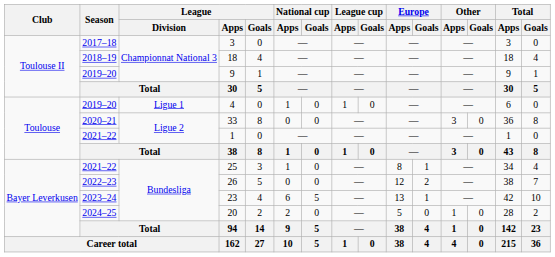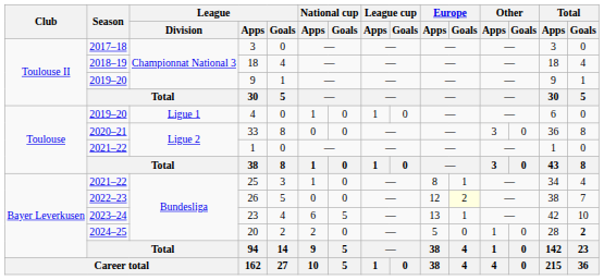 <table class="wikitable" style="text-align: center">
 <tr>
 <th rowspan="2">Club</th>
 <th rowspan="2">Season</th>
 <th colspan="3">League</th>
 <th colspan="2">National cup</th>
 <th colspan="2">League cup</th>
 <th colspan="2"><a href='#'>Europe</a></th>
 <th colspan="2">Other</th>
 <th colspan="2">Total</th>
 </tr>
 <tr>
 <th>Division</th>
 <th>Apps</th>
 <th>Goals</th>
 <th>Apps</th>
 <th>Goals</th>
 <th>Apps</th>
 <th>Goals</th>
 <th>Apps</th>
 <th>Goals</th>
 <th>Apps</th>
 <th>Goals</th>
 <th>Apps</th>
 <th>Goals</th>
 </tr>
 <tr>
 <td rowspan="4"><a href='#'>Toulouse II</a></td>
 <td><a href='#'>2017–18</a></td>
 <td rowspan="3"><a href='#'>Championnat National 3</a></td>
 <td>3</td>
 <td>0</td>
 <td colspan="2">—</td>
 <td colspan="2">—</td>
 <td colspan="2">—</td>
 <td colspan="2">—</td>
 <td>3</td>
 <td>0</td>
 </tr>
 <tr>
 <td><a href='#'>2018–19</a></td>
 <td>18</td>
 <td>4</td>
 <td colspan="2">—</td>
 <td colspan="2">—</td>
 <td colspan="2">—</td>
 <td colspan="2">—</td>
 <td>18</td>
 <td>4</td>
 </tr>
 <tr>
 <td><a href='#'>2019–20</a></td>
 <td>9</td>
 <td>1</td>
 <td colspan="2">—</td>
 <td colspan="2">—</td>
 <td colspan="2">—</td>
 <td colspan="2">—</td>
 <td>9</td>
 <td>1</td>
 </tr>
 <tr>
 <th colspan="2">Total</th>
 <th>30</th>
 <th>5</th>
 <th colspan="2">—</th>
 <th colspan="2">—</th>
 <th colspan="2">—</th>
 <th colspan="2">—</th>
 <th>30</th>
 <th>5</th>
 </tr>
 <tr>
 <td rowspan="4"><a href='#'>Toulouse</a></td>
 <td><a href='#'>2019–20</a></td>
 <td><a href='#'>Ligue 1</a></td>
 <td>4</td>
 <td>0</td>
 <td>1</td>
 <td>0</td>
 <td>1</td>
 <td>0</td>
 <td colspan="2">—</td>
 <td colspan="2">—</td>
 <td>6</td>
 <td>0</td>
 </tr>
 <tr>
 <td><a href='#'>2020–21</a></td>
 <td rowspan="2"><a href='#'>Ligue 2</a></td>
 <td>33</td>
 <td>8</td>
 <td>0</td>
 <td>0</td>
 <td colspan="2">—</td>
 <td colspan="2">—</td>
 <td>3</td>
 <td>0</td>
 <td>36</td>
 <td>8</td>
 </tr>
 <tr>
 <td><a href='#'>2021–22</a></td>
 <td>1</td>
 <td>0</td>
 <td colspan="2">—</td>
 <td colspan="2">—</td>
 <td colspan="2">—</td>
 <td colspan="2">—</td>
 <td>1</td>
 <td>0</td>
 </tr>
 <tr>
 <th colspan="2">Total</th>
 <th>38</th>
 <th>8</th>
 <th>1</th>
 <th>0</th>
 <th>1</th>
 <th>0</th>
 <th colspan="2">—</th>
 <th>3</th>
 <th>0</th>
 <th>43</th>
 <th>8</th>
 </tr>
 <tr>
 <td rowspan="5"><a href='#'>Bayer Leverkusen</a></td>
 <td><a href='#'>2021–22</a></td>
 <td rowspan="4"><a href='#'>Bundesliga</a></td>
 <td>25</td>
 <td>3</td>
 <td>1</td>
 <td>0</td>
 <td colspan="2">—</td>
 <td>8</td>
 <td>1</td>
 <td colspan="2">—</td>
 <td>34</td>
 <td>4</td>
 </tr>
 <tr>
 <td><a href='#'>2022–23</a></td>
 <td>26</td>
 <td>5</td>
 <td>0</td>
 <td>0</td>
 <td colspan="2">—</td>
 <td>12</td>
-<td>2</td>
+<td style="background: lightyellow;">2</td>
 <td colspan="2">—</td>
 <td>38</td>
 <td>7</td>
 </tr>
 <tr>
 <td><a href='#'>2023–24</a></td>
 <td>23</td>
 <td>4</td>
 <td>6</td>
 <td>5</td>
 <td colspan="2">—</td>
 <td>13</td>
 <td>1</td>
 <td colspan="2">—</td>
 <td>42</td>
 <td>10</td>
 </tr>
 <tr>
 <td><a href='#'>2024–25</a></td>
 <td>20</td>
 <td>2</td>
 <td>2</td>
 <td>0</td>
 <td colspan="2">—</td>
 <td>5</td>
 <td>0</td>
 <td>1</td>
 <td>0</td>
 <td>28</td>
-<td>2</td>
+<td><strong>2</strong></td>
 </tr>
 <tr>
 <th colspan="2">Total</th>
 <th>94</th>
 <th>14</th>
 <th>9</th>
 <th>5</th>
 <th colspan="2">—</th>
 <th>38</th>
 <th>4</th>
 <th>1</th>
 <th>0</th>
 <th>142</th>
 <th>23</th>
 </tr>
 <tr>
 <th colspan="3">Career total</th>
 <th>162</th>
 <th>27</th>
 <th>10</th>
 <th>5</th>
 <th>1</th>
 <th>0</th>
 <th>38</th>
 <th>4</th>
 <th>4</th>
 <th>0</th>
 <th>215</th>
 <th>36</th>
 </tr>
 </table>
